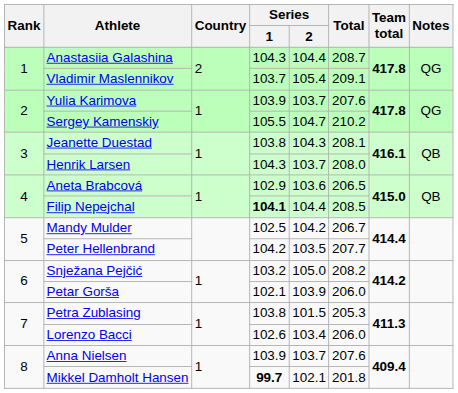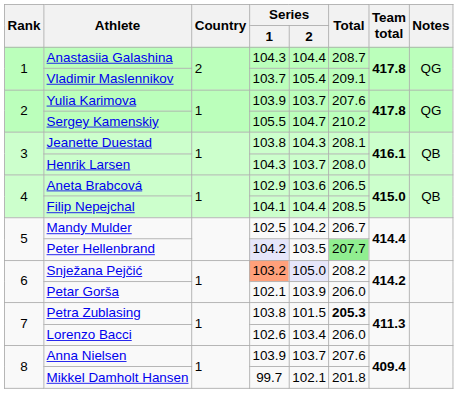 <table class="wikitable sortable" style="text-align:center">
 <tr>
 <th rowspan=2>Rank</th>
 <th rowspan=2>Athlete</th>
 <th rowspan=2>Country</th>
 <th colspan=2>Series</th>
 <th rowspan=2>Total</th>
 <th rowspan=2>Team<br>total</th>
 <th rowspan=2>Notes</th>
 </tr>
 <tr>
 <th class="unsortable" width="40px">1</th>
 <th class="unsortable" width="40px">2</th>
 </tr>
 <tr bgcolor=bbffbb>
 <td rowspan=2>1</td>
 <td align=left><a href='#'>Anastasiia Galashina</a></td>
 <td rowspan=2 align=left> 2</td>
 <td>104.3</td>
 <td>104.4</td>
 <td>208.7</td>
 <td rowspan=2><strong>417.8</strong></td>
 <td rowspan=2>QG</td>
 </tr>
 <tr bgcolor=bbffbb>
 <td align=left><a href='#'>Vladimir Maslennikov</a></td>
 <td>103.7</td>
 <td>105.4</td>
 <td>209.1</td>
 </tr>
 <tr bgcolor=bbffbb>
 <td rowspan=2>2</td>
 <td align=left><a href='#'>Yulia Karimova</a></td>
 <td rowspan=2 align=left> 1</td>
 <td>103.9</td>
 <td>103.7</td>
 <td>207.6</td>
 <td rowspan=2><strong>417.8</strong></td>
 <td rowspan=2>QG</td>
 </tr>
 <tr bgcolor=bbffbb>
 <td align=left><a href='#'>Sergey Kamenskiy</a></td>
 <td>105.5</td>
 <td>104.7</td>
 <td>210.2</td>
 </tr>
 <tr bgcolor=ccffcc>
 <td rowspan=2>3</td>
 <td align=left><a href='#'>Jeanette Duestad</a></td>
 <td rowspan=2 align=left> 1</td>
 <td>103.8</td>
 <td>104.3</td>
 <td>208.1</td>
 <td rowspan=2><strong>416.1</strong></td>
 <td rowspan=2>QB</td>
 </tr>
 <tr bgcolor=ccffcc>
 <td align=left><a href='#'>Henrik Larsen</a></td>
 <td>104.3</td>
 <td>103.7</td>
 <td>208.0</td>
 </tr>
 <tr bgcolor=ccffcc>
 <td rowspan=2>4</td>
 <td align=left><a href='#'>Aneta Brabcová</a></td>
 <td rowspan=2 align=left> 1</td>
 <td>102.9</td>
 <td>103.6</td>
 <td>206.5</td>
 <td rowspan=2><strong>415.0</strong></td>
 <td rowspan=2>QB</td>
 </tr>
 <tr bgcolor=ccffcc>
 <td align=left><a href='#'>Filip Nepejchal</a></td>
-<td><strong>104.1</strong></td>
+<td>104.1</td>
 <td>104.4</td>
 <td>208.5</td>
 </tr>
 <tr>
 <td rowspan=2>5</td>
 <td align=left><a href='#'>Mandy Mulder</a></td>
 <td rowspan=2 align=left></td>
 <td>102.5</td>
 <td>104.2</td>
 <td>206.7</td>
 <td rowspan=2><strong>414.4</strong></td>
 <td rowspan=2></td>
 </tr>
 <tr>
 <td align=left><a href='#'>Peter Hellenbrand</a></td>
-<td>104.2</td>
+<td style="background: lavender;">104.2</td>
 <td>103.5</td>
-<td>207.7</td>
+<td style="background: lightgreen;">207.7</td>
 </tr>
 <tr>
 <td rowspan=2>6</td>
 <td align=left><a href='#'>Snježana Pejčić</a></td>
 <td rowspan=2 align=left> 1</td>
-<td>103.2</td>
-<td>105.0</td>
+<td style="background: lightsalmon;">103.2</td>
+<td style="background: lavender;">105.0</td>
 <td>208.2</td>
 <td rowspan=2><strong>414.2</strong></td>
 <td rowspan=2></td>
 </tr>
 <tr>
 <td align=left><a href='#'>Petar Gorša</a></td>
 <td>102.1</td>
 <td>103.9</td>
 <td>206.0</td>
 </tr>
 <tr>
 <td rowspan=2>7</td>
 <td align=left><a href='#'>Petra Zublasing</a></td>
 <td rowspan=2 align=left> 1</td>
 <td>103.8</td>
 <td>101.5</td>
-<td>205.3</td>
+<td><strong>205.3</strong></td>
 <td rowspan=2><strong>411.3</strong></td>
 <td rowspan=2></td>
 </tr>
 <tr>
 <td align=left><a href='#'>Lorenzo Bacci</a></td>
 <td>102.6</td>
 <td>103.4</td>
 <td>206.0</td>
 </tr>
 <tr>
 <td rowspan=2>8</td>
 <td align=left><a href='#'>Anna Nielsen</a></td>
 <td rowspan=2 align=left> 1</td>
 <td>103.9</td>
 <td>103.7</td>
 <td>207.6</td>
 <td rowspan=2><strong>409.4</strong></td>
 <td rowspan=2></td>
 </tr>
 <tr>
 <td align=left><a href='#'>Mikkel Damholt Hansen</a></td>
-<td><strong>99.7</strong></td>
+<td>99.7</td>
 <td>102.1</td>
 <td>201.8</td>
 </tr>
 </table>
